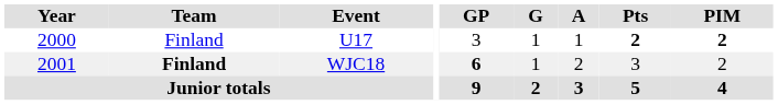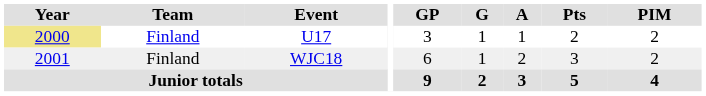 <table border="0" cellpadding="1" cellspacing="0" ID="Table3" style="text-align:center; width:40em">
 <tr ALIGN="center" bgcolor="#e0e0e0">
 <th>Year</th>
 <th>Team</th>
 <th>Event</th>
 <th rowspan="99" bgcolor="#ffffff"></th>
 <th>GP</th>
 <th>G</th>
 <th>A</th>
 <th>Pts</th>
 <th>PIM</th>
 </tr>
 <tr>
-<td><a href='#'>2000</a></td>
+<td style="background: khaki;"><a href='#'>2000</a></td>
 <td><a href='#'>Finland</a></td>
 <td><a href='#'>U17</a></td>
 <td>3</td>
 <td>1</td>
 <td>1</td>
-<td><strong>2</strong></td>
-<td><strong>2</strong></td>
+<td>2</td>
+<td>2</td>
 </tr>
 <tr bgcolor="#f0f0f0">
 <td><a href='#'>2001</a></td>
-<td><strong>Finland</strong></td>
+<td>Finland</td>
 <td><a href='#'>WJC18</a></td>
-<td><strong>6</strong></td>
+<td>6</td>
 <td>1</td>
 <td>2</td>
 <td>3</td>
 <td>2</td>
 </tr>
 <tr bgcolor="#e0e0e0">
 <th colspan="3">Junior totals</th>
 <th>9</th>
 <th>2</th>
 <th>3</th>
 <th>5</th>
 <th>4</th>
 </tr>
 </table>
